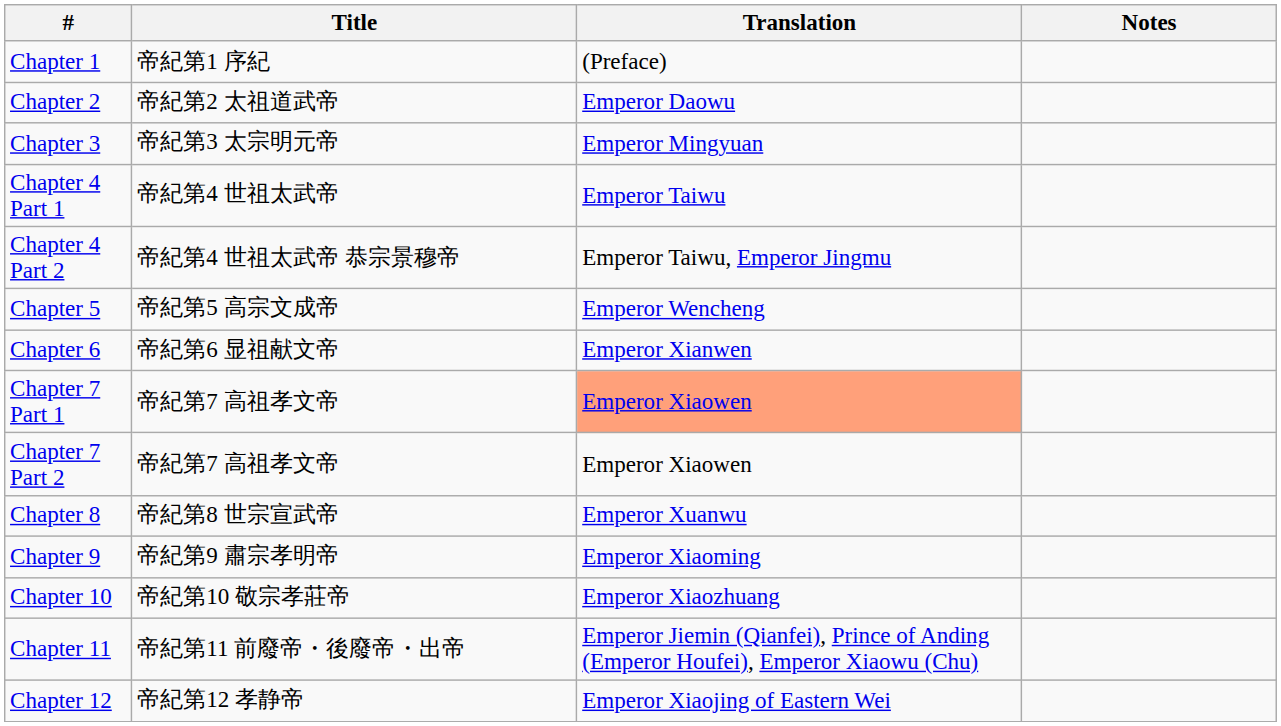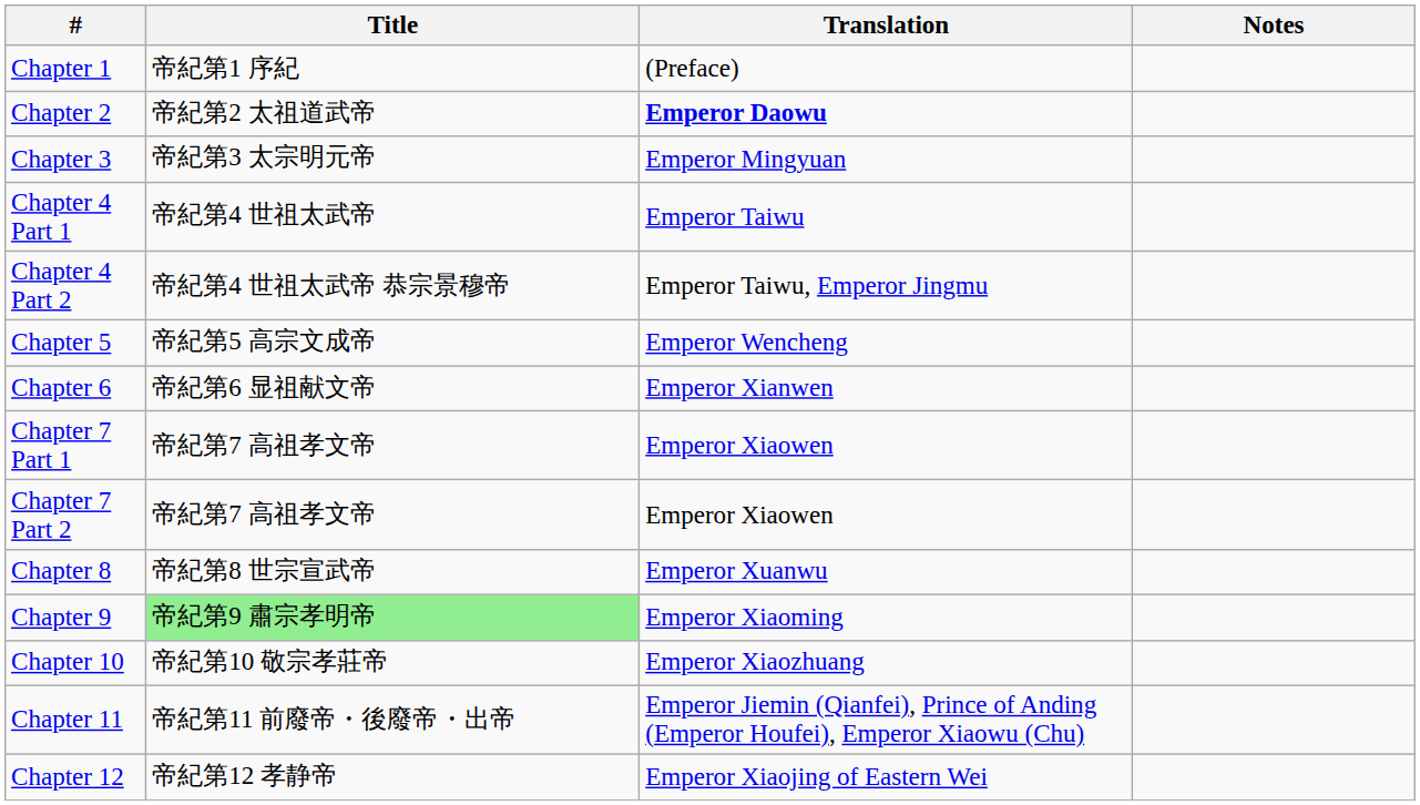 <table class=wikitable width=100%>
 <tr>
 <th width=10%>#</th>
 <th width=35%>Title</th>
 <th width=35%>Translation</th>
 <th width=20%>Notes</th>
 </tr>
 <tr>
 <td><a href='#'>Chapter 1</a></td>
 <td>帝紀第1 序紀</td>
 <td>(Preface)</td>
 <td></td>
 </tr>
 <tr>
 <td><a href='#'>Chapter 2</a></td>
 <td>帝紀第2 太祖道武帝</td>
-<td><a href='#'>Emperor Daowu</a></td>
+<td><strong><a href='#'>Emperor Daowu</a></strong></td>
 <td></td>
 </tr>
 <tr>
 <td><a href='#'>Chapter 3</a></td>
 <td>帝紀第3 太宗明元帝</td>
 <td><a href='#'>Emperor Mingyuan</a></td>
 <td></td>
 </tr>
 <tr>
 <td><a href='#'>Chapter 4 Part 1</a></td>
 <td>帝紀第4 世祖太武帝</td>
 <td><a href='#'>Emperor Taiwu</a></td>
 <td></td>
 </tr>
 <tr>
 <td><a href='#'>Chapter 4 Part 2</a></td>
 <td>帝紀第4 世祖太武帝 恭宗景穆帝</td>
 <td>Emperor Taiwu, <a href='#'>Emperor Jingmu</a></td>
 <td></td>
 </tr>
 <tr>
 <td><a href='#'>Chapter 5</a></td>
 <td>帝紀第5 高宗文成帝</td>
 <td><a href='#'>Emperor Wencheng</a></td>
 <td></td>
 </tr>
 <tr>
 <td><a href='#'>Chapter 6</a></td>
 <td>帝紀第6 显祖献文帝</td>
 <td><a href='#'>Emperor Xianwen</a></td>
 <td></td>
 </tr>
 <tr>
 <td><a href='#'>Chapter 7 Part 1</a></td>
 <td>帝紀第7 高祖孝文帝</td>
-<td style="background: lightsalmon;"><a href='#'>Emperor Xiaowen</a></td>
+<td><a href='#'>Emperor Xiaowen</a></td>
 <td></td>
 </tr>
 <tr>
 <td><a href='#'>Chapter 7 Part 2</a></td>
 <td>帝紀第7 高祖孝文帝</td>
 <td>Emperor Xiaowen</td>
 <td></td>
 </tr>
 <tr>
 <td><a href='#'>Chapter 8</a></td>
 <td>帝紀第8 世宗宣武帝</td>
 <td><a href='#'>Emperor Xuanwu</a></td>
 <td></td>
 </tr>
 <tr>
 <td><a href='#'>Chapter 9</a></td>
-<td>帝紀第9 肅宗孝明帝</td>
+<td style="background: lightgreen;">帝紀第9 肅宗孝明帝</td>
 <td><a href='#'>Emperor Xiaoming</a></td>
 <td></td>
 </tr>
 <tr>
 <td><a href='#'>Chapter 10</a></td>
 <td>帝紀第10 敬宗孝莊帝</td>
 <td><a href='#'>Emperor Xiaozhuang</a></td>
 <td></td>
 </tr>
 <tr>
 <td><a href='#'>Chapter 11</a></td>
 <td>帝紀第11 前廢帝・後廢帝・出帝</td>
 <td><a href='#'>Emperor Jiemin (Qianfei)</a>, <a href='#'>Prince of Anding (Emperor Houfei)</a>, <a href='#'>Emperor Xiaowu (Chu)</a></td>
 <td></td>
 </tr>
 <tr>
 <td><a href='#'>Chapter 12</a></td>
 <td>帝紀第12 孝静帝</td>
 <td><a href='#'>Emperor Xiaojing of Eastern Wei</a></td>
 <td></td>
 </tr>
 <tr>
 </tr>
 </table>
